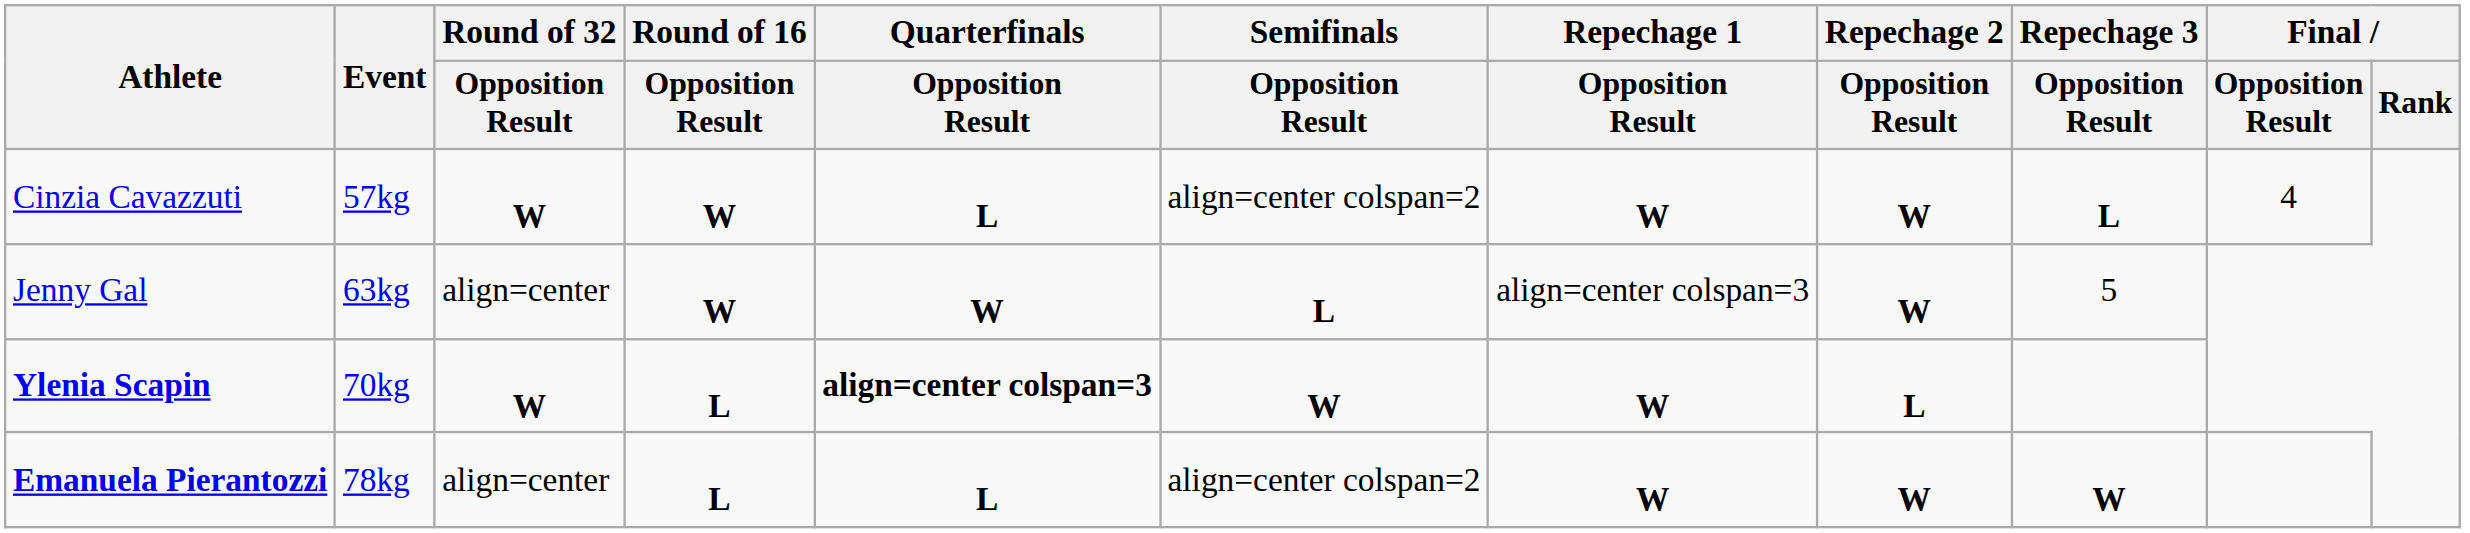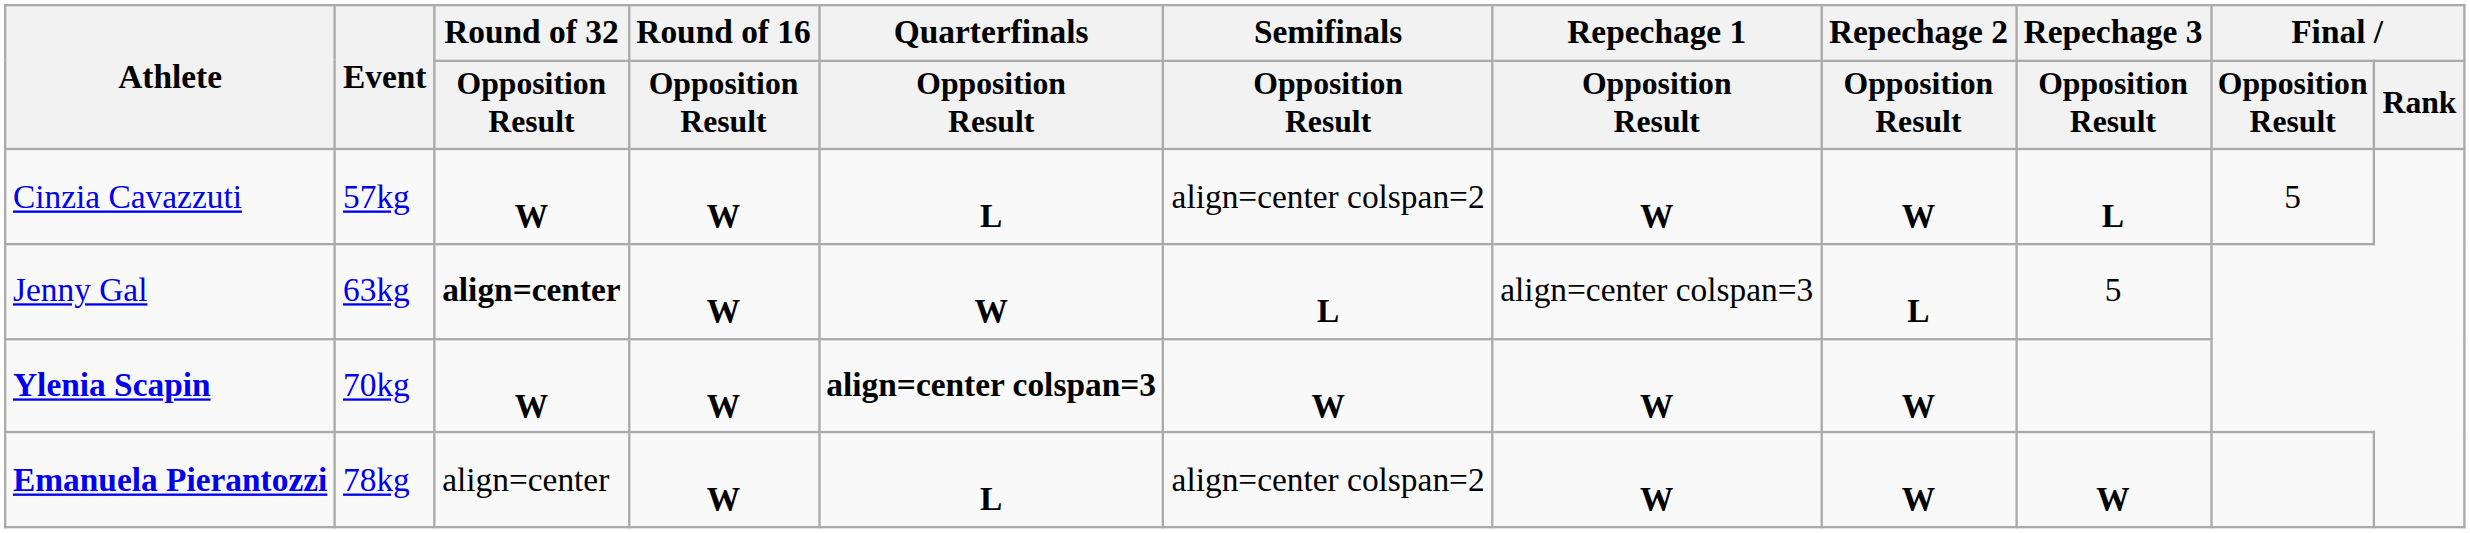 <table class="wikitable" style="font-size:90%">
 <tr>
 <th rowspan="2">Athlete</th>
 <th rowspan="2">Event</th>
 <th>Round of 32</th>
 <th>Round of 16</th>
 <th>Quarterfinals</th>
 <th>Semifinals</th>
 <th>Repechage 1</th>
 <th>Repechage 2</th>
 <th>Repechage 3</th>
 <th colspan=2>Final / </th>
 </tr>
 <tr style="font-size:95%">
 <th>Opposition<br>Result</th>
 <th>Opposition<br>Result</th>
 <th>Opposition<br>Result</th>
 <th>Opposition<br>Result</th>
 <th>Opposition<br>Result</th>
 <th>Opposition<br>Result</th>
 <th>Opposition<br>Result</th>
 <th>Opposition<br>Result</th>
 <th>Rank</th>
 </tr>
 <tr>
 <td align=left><a href='#'>Cinzia Cavazzuti</a></td>
 <td align=left><a href='#'>57kg</a></td>
 <td align=center><br><strong>W</strong></td>
 <td align=center><br><strong>W</strong></td>
 <td align=center><br><strong>L</strong></td>
 <td>align=center colspan=2 </td>
 <td align=center><br><strong>W</strong></td>
 <td align=center><br><strong>W</strong></td>
 <td align=center><br><strong>L</strong></td>
-<td align=center>4</td>
+<td align=center>5</td>
 </tr>
 <tr>
 <td align=left><a href='#'>Jenny Gal</a></td>
 <td align=left><a href='#'>63kg</a></td>
-<td>align=center </td>
+<td><strong>align=center </strong></td>
 <td align=center><br><strong>W</strong></td>
 <td align=center><br><strong>W</strong></td>
 <td align=center><br><strong>L</strong></td>
 <td>align=center colspan=3 </td>
-<td align=center><br><strong>W</strong></td>
+<td align=center><br><strong>L</strong></td>
 <td align=center>5</td>
 </tr>
 <tr>
 <td align=left><strong><a href='#'>Ylenia Scapin</a></strong></td>
 <td align=left><a href='#'>70kg</a></td>
 <td align=center><br><strong>W</strong></td>
-<td align=center><br><strong>L</strong></td>
+<td align=center><br><strong>W</strong></td>
 <td><strong>align=center colspan=3 </strong></td>
 <td align=center><br><strong>W</strong></td>
 <td align=center><br><strong>W</strong></td>
-<td align=center><br><strong>L</strong></td>
+<td align=center><br><strong>W</strong></td>
 <td align=center></td>
 </tr>
 <tr>
 <td align=left><strong><a href='#'>Emanuela Pierantozzi</a></strong></td>
 <td align=left><a href='#'>78kg</a></td>
 <td>align=center </td>
-<td align=center><br><strong>L</strong></td>
+<td align=center><br><strong>W</strong></td>
 <td align=center><br><strong>L</strong></td>
 <td>align=center colspan=2 </td>
 <td align=center><br><strong>W</strong></td>
 <td align=center><br><strong>W</strong></td>
 <td align=center><br><strong>W</strong></td>
 <td align=center></td>
 </tr>
 </table>
